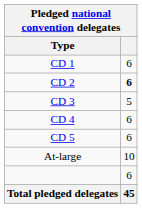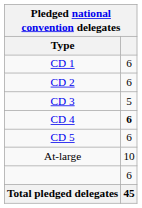 <table class="wikitable sortable" style="float:none; clear:none; padding:5px; text-align:center; font-size:90%;">
 <tr>
 <th colspan="2">Pledged <a href='#'>national<br>convention</a> delegates</th>
 </tr>
 <tr>
 <th>Type</th>
 <th></th>
 </tr>
 <tr>
 <td><a href='#'>CD 1</a></td>
 <td>6</td>
 </tr>
 <tr>
 <td><a href='#'>CD 2</a></td>
-<td><strong>6</strong></td>
+<td>6</td>
 </tr>
 <tr>
 <td><a href='#'>CD 3</a></td>
 <td>5</td>
 </tr>
 <tr>
 <td><a href='#'>CD 4</a></td>
-<td>6</td>
+<td><strong>6</strong></td>
 </tr>
 <tr>
 <td><a href='#'>CD 5</a></td>
 <td>6</td>
 </tr>
 <tr>
 <td>At-large</td>
 <td>10</td>
 </tr>
 <tr>
 <td></td>
 <td>6</td>
 </tr>
 <tr>
 <th>Total pledged delegates</th>
 <th>45</th>
 </tr>
 </table>
